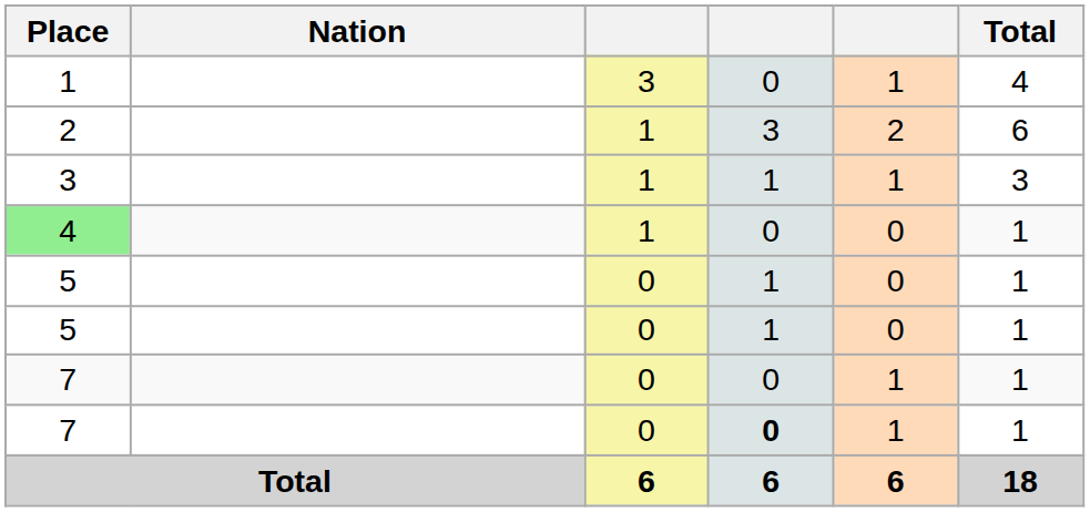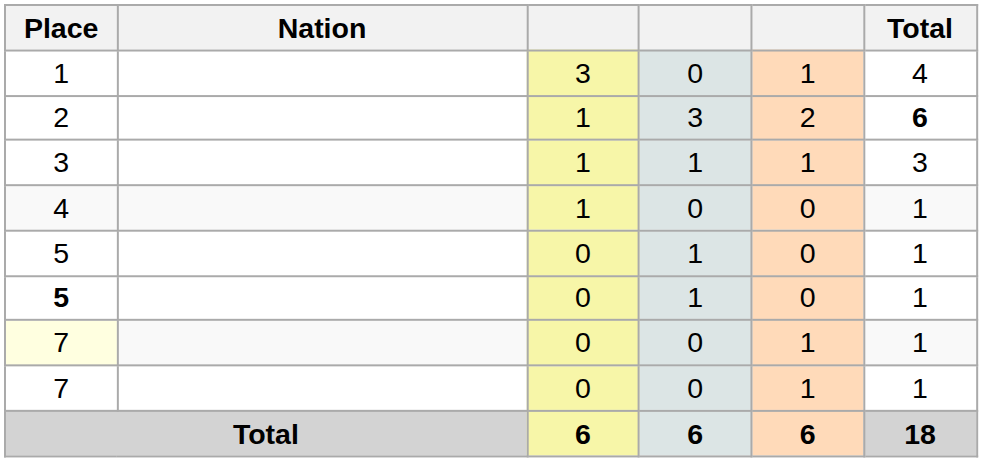 <table class=wikitable style="border:1px solid #AAAAAA;font-size:90%">
 <tr bgcolor="#EFEFEF">
 <th width=50>Place</th>
 <th width=200>Nation</th>
 <th width=50></th>
 <th width=50></th>
 <th width=50></th>
 <th width=50>Total</th>
 </tr>
 <tr align="center" valign="top" bgcolor="#FFFFFF">
 <td>1</td>
 <td align="left"></td>
 <td style="background:#F7F6A8;">3</td>
 <td style="background:#DCE5E5;">0</td>
 <td style="background:#FFDAB9;">1</td>
 <td>4</td>
 </tr>
 <tr align="center" valign="top" bgcolor="#FFFFFF">
 <td>2</td>
 <td align="left"></td>
 <td style="background:#F7F6A8;">1</td>
 <td style="background:#DCE5E5;">3</td>
 <td style="background:#FFDAB9;">2</td>
-<td>6</td>
+<td><strong>6</strong></td>
 </tr>
 <tr align="center" valign="top" bgcolor="#FFFFFF">
 <td>3</td>
 <td align="left"></td>
 <td style="background:#F7F6A8;">1</td>
 <td style="background:#DCE5E5;">1</td>
 <td style="background:#FFDAB9;">1</td>
 <td>3</td>
 </tr>
 <tr align="center">
-<td style="background: lightgreen;">4</td>
+<td>4</td>
 <td align="left"></td>
 <td style="background:#F7F6A8;">1</td>
 <td style="background:#DCE5E5;">0</td>
 <td style="background:#FFDAB9;">0</td>
 <td>1</td>
 </tr>
 <tr align="center" valign="top" bgcolor="#FFFFFF">
 <td>5</td>
 <td align="left"></td>
 <td style="background:#F7F6A8;">0</td>
 <td style="background:#DCE5E5;">1</td>
 <td style="background:#FFDAB9;">0</td>
 <td>1</td>
 </tr>
 <tr align="center" valign="top" bgcolor="#FFFFFF">
-<td>5</td>
+<td><strong>5</strong></td>
 <td align="left"></td>
 <td style="background:#F7F6A8;">0</td>
 <td style="background:#DCE5E5;">1</td>
 <td style="background:#FFDAB9;">0</td>
 <td>1</td>
 </tr>
 <tr align="center">
-<td>7</td>
+<td style="background: lightyellow;">7</td>
 <td align="left"></td>
 <td style="background:#F7F6A8;">0</td>
 <td style="background:#DCE5E5;">0</td>
 <td style="background:#FFDAB9;">1</td>
 <td>1</td>
 </tr>
 <tr align="center" valign="top" bgcolor="#FFFFFF">
 <td>7</td>
 <td align="left"></td>
 <td style="background:#F7F6A8;">0</td>
-<td style="background:#DCE5E5;"><strong>0</strong></td>
+<td style="background:#DCE5E5;">0</td>
 <td style="background:#FFDAB9;">1</td>
 <td>1</td>
 </tr>
 <tr align="center">
 <td colspan="2" bgcolor=D3D3D3><strong>Total</strong></td>
 <td style="background:#F7F6A8;"><strong>6</strong></td>
 <td style="background:#DCE5E5;"><strong>6</strong></td>
 <td style="background:#FFDAB9;"><strong>6</strong></td>
 <td bgcolor=D3D3D3><strong>18</strong></td>
 </tr>
 </table>
